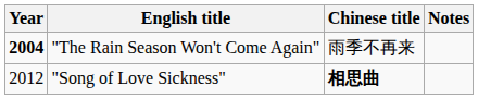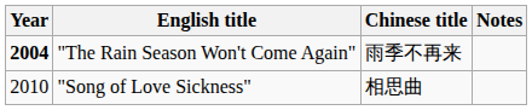 <table class="wikitable sortable">
 <tr>
 <th>Year</th>
 <th>English title</th>
 <th>Chinese title</th>
 <th>Notes</th>
 </tr>
 <tr>
 <td><strong>2004</strong></td>
 <td>"The Rain Season Won't Come Again"</td>
 <td>雨季不再来</td>
 <td></td>
 </tr>
 <tr>
-<td>2012</td>
+<td>2010</td>
 <td>"Song of Love Sickness"</td>
-<td><strong>相思曲</strong></td>
+<td>相思曲</td>
 <td></td>
 </tr>
 </table>
